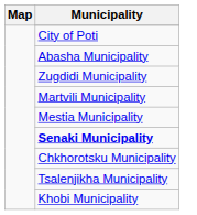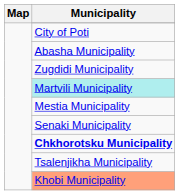 <table class="wikitable" style="font-size:110%;" align=>
 <tr>
 <th>Map</th>
 <th>Municipality</th>
 </tr>
 <tr>
 <td rowspan=10></td>
 </tr>
 <tr ---->
 <td><a href='#'>City of Poti</a></td>
 </tr>
 <tr ---->
 <td><a href='#'>Abasha Municipality</a></td>
 </tr>
 <tr ---->
 <td><a href='#'>Zugdidi Municipality</a></td>
 </tr>
 <tr ---->
-<td><a href='#'>Martvili Municipality</a></td>
+<td style="background: paleturquoise;"><a href='#'>Martvili Municipality</a></td>
 </tr>
 <tr ---->
 <td><a href='#'>Mestia Municipality</a></td>
 </tr>
 <tr ---->
-<td><strong><a href='#'>Senaki Municipality</a></strong></td>
+<td><a href='#'>Senaki Municipality</a></td>
 </tr>
 <tr ---->
-<td><a href='#'>Chkhorotsku Municipality</a></td>
+<td><strong><a href='#'>Chkhorotsku Municipality</a></strong></td>
 </tr>
 <tr ---->
 <td><a href='#'>Tsalenjikha Municipality</a></td>
 </tr>
 <tr ---->
-<td><a href='#'>Khobi Municipality</a></td>
+<td style="background: lightsalmon;"><a href='#'>Khobi Municipality</a></td>
 </tr>
 </table>
